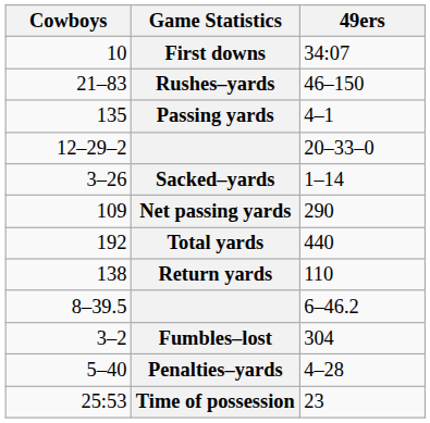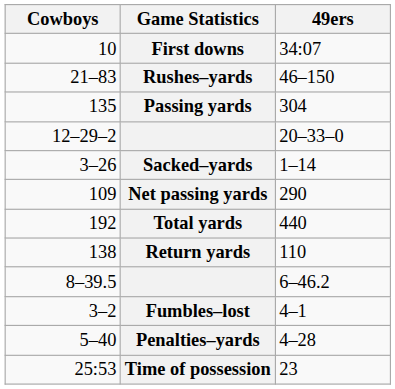 <table class="wikitable" style="margin: 1em auto 1em auto">
 <tr>
 <th style="width:30%;">Cowboys</th>
 <th style="width:40%;">Game Statistics</th>
 <th style="width:30%;">49ers</th>
 </tr>
 <tr>
 <td style="text-align:right;">10</td>
 <th>First downs</th>
 <td>34:07</td>
 </tr>
 <tr>
 <td style="text-align:right;">21–83</td>
 <th>Rushes–yards</th>
 <td>46–150</td>
 </tr>
 <tr>
 <td style="text-align:right;">135</td>
 <th>Passing yards</th>
-<td>4–1</td>
+<td>304</td>
 </tr>
 <tr>
 <td style="text-align:right;">12–29–2</td>
 <th></th>
 <td>20–33–0</td>
 </tr>
 <tr>
 <td style="text-align:right;">3–26</td>
 <th>Sacked–yards</th>
 <td>1–14</td>
 </tr>
 <tr>
 <td style="text-align:right;">109</td>
 <th>Net passing yards</th>
 <td>290</td>
 </tr>
 <tr>
 <td style="text-align:right;">192</td>
 <th>Total yards</th>
 <td>440</td>
 </tr>
 <tr>
 <td style="text-align:right;">138</td>
 <th>Return yards</th>
 <td>110</td>
 </tr>
 <tr>
 <td style="text-align:right;">8–39.5</td>
 <th></th>
 <td>6–46.2</td>
 </tr>
 <tr>
 <td style="text-align:right;">3–2</td>
 <th>Fumbles–lost</th>
-<td>304</td>
+<td>4–1</td>
 </tr>
 <tr>
 <td style="text-align:right;">5–40</td>
 <th>Penalties–yards</th>
 <td>4–28</td>
 </tr>
 <tr>
 <td style="text-align:right;">25:53</td>
 <th>Time of possession</th>
 <td>23</td>
 </tr>
 </table>
